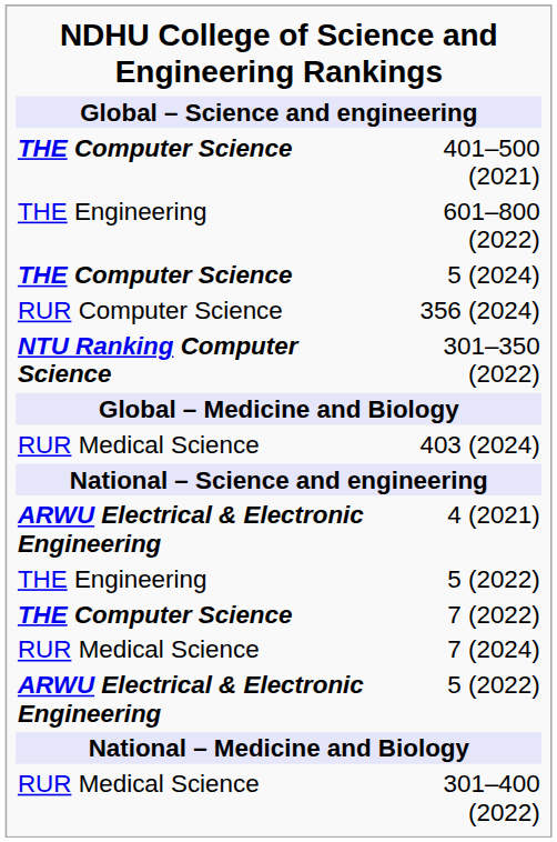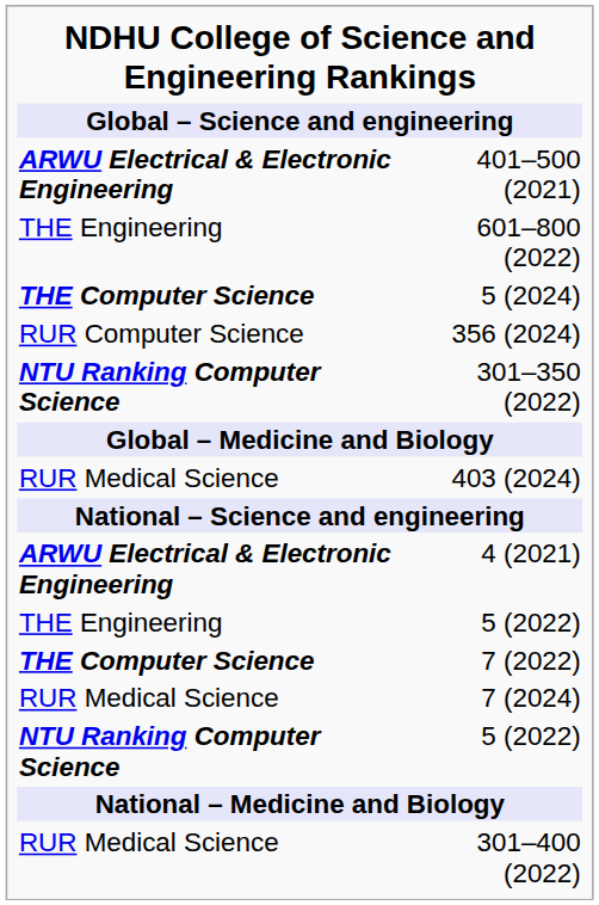 <table class="infobox" style="width:22em; text-align:center; font-size:88%;">
 <tr>
 <td colspan=2 style="font-size:125%; text-align:center"><strong>NDHU College of Science and Engineering Rankings</strong></td>
 </tr>
 <tr>
 <th colspan="2" style="background:lavender ;text-align:center">Global – Science and engineering</th>
 </tr>
 <tr>
-<td style="text-align:left; width:70%"><strong><em><a href='#'>THE</a><em> Computer Science<strong></td>
+<td style="text-align:left; width:70%"><strong><em><a href='#'>ARWU</a><em> Electrical & Electronic Engineering<strong></td>
 <td style="text-align:right;">401–500 (2021)</td>
 </tr>
 <tr>
 <td style="text-align:left; width:70%"></em></strong><a href='#'>THE</a></em> Engineering</strong></td>
 <td style="text-align:right;">601–800 (2022)</td>
 </tr>
 <tr>
 <td style="text-align:left; width:70%"><strong><em><a href='#'>THE</a><em> Computer Science<strong></td>
 <td style="text-align:right;">5 (2024)</td>
 </tr>
 <tr>
 <td style="text-align:left; width:60%"></em></strong><a href='#'>RUR</a></em> Computer Science</strong></td>
 <td style="text-align:right;">356 (2024)</td>
 </tr>
 <tr>
 <td style="text-align:left;"><strong><em><a href='#'>NTU Ranking</a><em> Computer Science<strong></td>
 <td style="text-align:right;">301–350 (2022)</td>
 </tr>
 <tr>
 <th colspan="2" style="background:lavender ;text-align:center">Global – Medicine and Biology</th>
 </tr>
 <tr>
 <td style="text-align:left; width:60%"></em></strong><a href='#'>RUR</a></em> Medical Science</strong></td>
 <td style="text-align:right;">403 (2024)</td>
 </tr>
 <tr>
 <th colspan="2" style="background:lavender ;text-align:center">National – Science and engineering</th>
 </tr>
 <tr>
 <td style="text-align:left; width:70%"><strong><em><a href='#'>ARWU</a><em> Electrical & Electronic Engineering<strong></td>
 <td style="text-align:right;">4 (2021)</td>
 </tr>
 <tr>
 <td style="text-align:left; width:70%"></em></strong><a href='#'>THE</a></em> Engineering</strong></td>
 <td style="text-align:right;">5 (2022)</td>
 </tr>
 <tr>
 <td style="text-align:left; width:70%"><strong><em><a href='#'>THE</a><em> Computer Science<strong></td>
 <td style="text-align:right;">7 (2022)</td>
 </tr>
 <tr>
 <td style="text-align:left; width:70%"></em></strong><a href='#'>RUR</a></em> Medical Science</strong></td>
 <td style="text-align:right;">7 (2024)</td>
 </tr>
 <tr>
-<td style="text-align:left; width:70%"><strong><em><a href='#'>ARWU</a><em> Electrical & Electronic Engineering<strong></td>
+<td style="text-align:left;"><strong><em><a href='#'>NTU Ranking</a><em> Computer Science<strong></td>
 <td style="text-align:right;">5 (2022)</td>
 </tr>
 <tr>
 <th colspan="2" style="background:lavender ;text-align:center">National – Medicine and Biology</th>
 </tr>
 <tr>
 <td style="text-align:left; width:70%"></em></strong><a href='#'>RUR</a></em> Medical Science</strong></td>
 <td style="text-align:right;">301–400 (2022)</td>
 </tr>
 </table>
